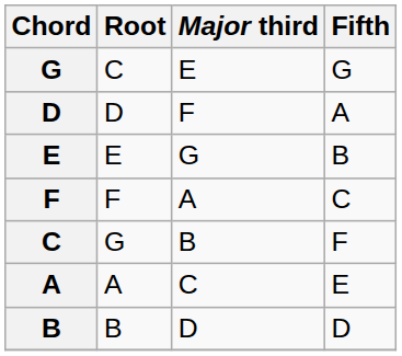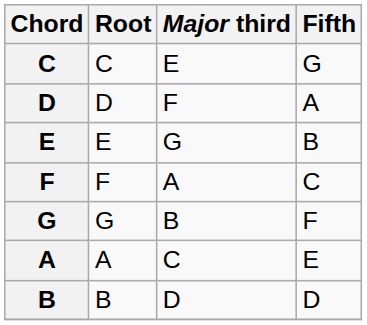 <table class="wikitable">
 <tr>
 <th bgcolor=#dddddd>Chord</th>
 <th bgcolor=#dddddd>Root</th>
 <th bgcolor=#dddddd><em>Major</em> third</th>
 <th bgcolor=#dddddd>Fifth</th>
 </tr>
 <tr>
-<th>G</th>
+<th>C</th>
 <td>C</td>
 <td>E</td>
 <td>G</td>
 </tr>
 <tr>
 <th>D</th>
 <td>D</td>
 <td>F</td>
 <td>A</td>
 </tr>
 <tr>
 <th>E</th>
 <td>E</td>
 <td>G</td>
 <td>B</td>
 </tr>
 <tr>
 <th>F</th>
 <td>F</td>
 <td>A</td>
 <td>C</td>
 </tr>
 <tr>
-<th>C</th>
+<th>G</th>
 <td>G</td>
 <td>B</td>
 <td>F</td>
 </tr>
 <tr>
 <th>A</th>
 <td>A</td>
 <td>C</td>
 <td>E</td>
 </tr>
 <tr>
 <th>B</th>
 <td>B</td>
 <td>D</td>
 <td>D</td>
 </tr>
 <tr>
 </tr>
 </table>
